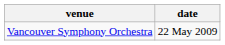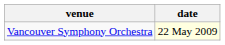 <table class="wikitable">
 <tr>
 <th>venue</th>
 <th>date</th>
 </tr>
 <tr>
 <td><a href='#'>Vancouver Symphony Orchestra</a></td>
-<td>22 May 2009</td>
+<td style="background: lightyellow;">22 May 2009</td>
 </tr>
 </table>
